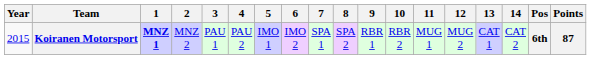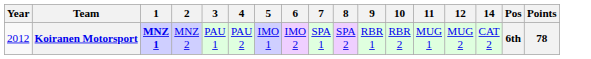 <table class="wikitable" style="text-align:center; font-size:85%">
 <tr>
 <th>Year</th>
 <th>Team</th>
 <th>1</th>
 <th>2</th>
 <th>3</th>
 <th>4</th>
 <th>5</th>
 <th>6</th>
 <th>7</th>
 <th>8</th>
 <th>9</th>
 <th>10</th>
 <th>11</th>
 <th>12</th>
-<th>13</th>
 <th>14</th>
 <th>Pos</th>
 <th>Points</th>
 </tr>
 <tr>
-<td><a href='#'>2015</a></td>
+<td><a href='#'>2012</a></td>
 <th nowrap><a href='#'>Koiranen Motorsport</a></th>
 <td style="background:#CFCFFF;"><strong><a href='#'>MNZ<br>1</a><br></strong></td>
 <td style="background:#CFCFFF;"><a href='#'>MNZ<br>2</a><br></td>
 <td style="background:#DFFFDF;"><a href='#'>PAU<br>1</a><br></td>
 <td style="background:#DFFFDF;"><a href='#'>PAU<br>2</a><br></td>
 <td style="background:#CFCFFF;"><a href='#'>IMO<br>1</a><br></td>
 <td style="background:#EFCFFF;"><a href='#'>IMO<br>2</a><br></td>
 <td style="background:#DFFFDF;"><a href='#'>SPA<br>1</a><br></td>
 <td style="background:#EFCFFF;"><a href='#'>SPA<br>2</a><br></td>
 <td style="background:#DFFFDF;"><a href='#'>RBR<br>1</a><br></td>
 <td style="background:#DFFFDF;"><a href='#'>RBR<br>2</a><br></td>
 <td style="background:#DFFFDF;"><a href='#'>MUG<br>1</a><br></td>
 <td style="background:#DFFFDF;"><a href='#'>MUG<br>2</a><br></td>
-<td style="background:#CFCFFF;"><a href='#'>CAT<br>1</a><br></td>
 <td style="background:#DFFFDF;"><a href='#'>CAT<br>2</a><br></td>
 <th>6th</th>
-<th>87</th>
+<th>78</th>
 </tr>
 </table>
